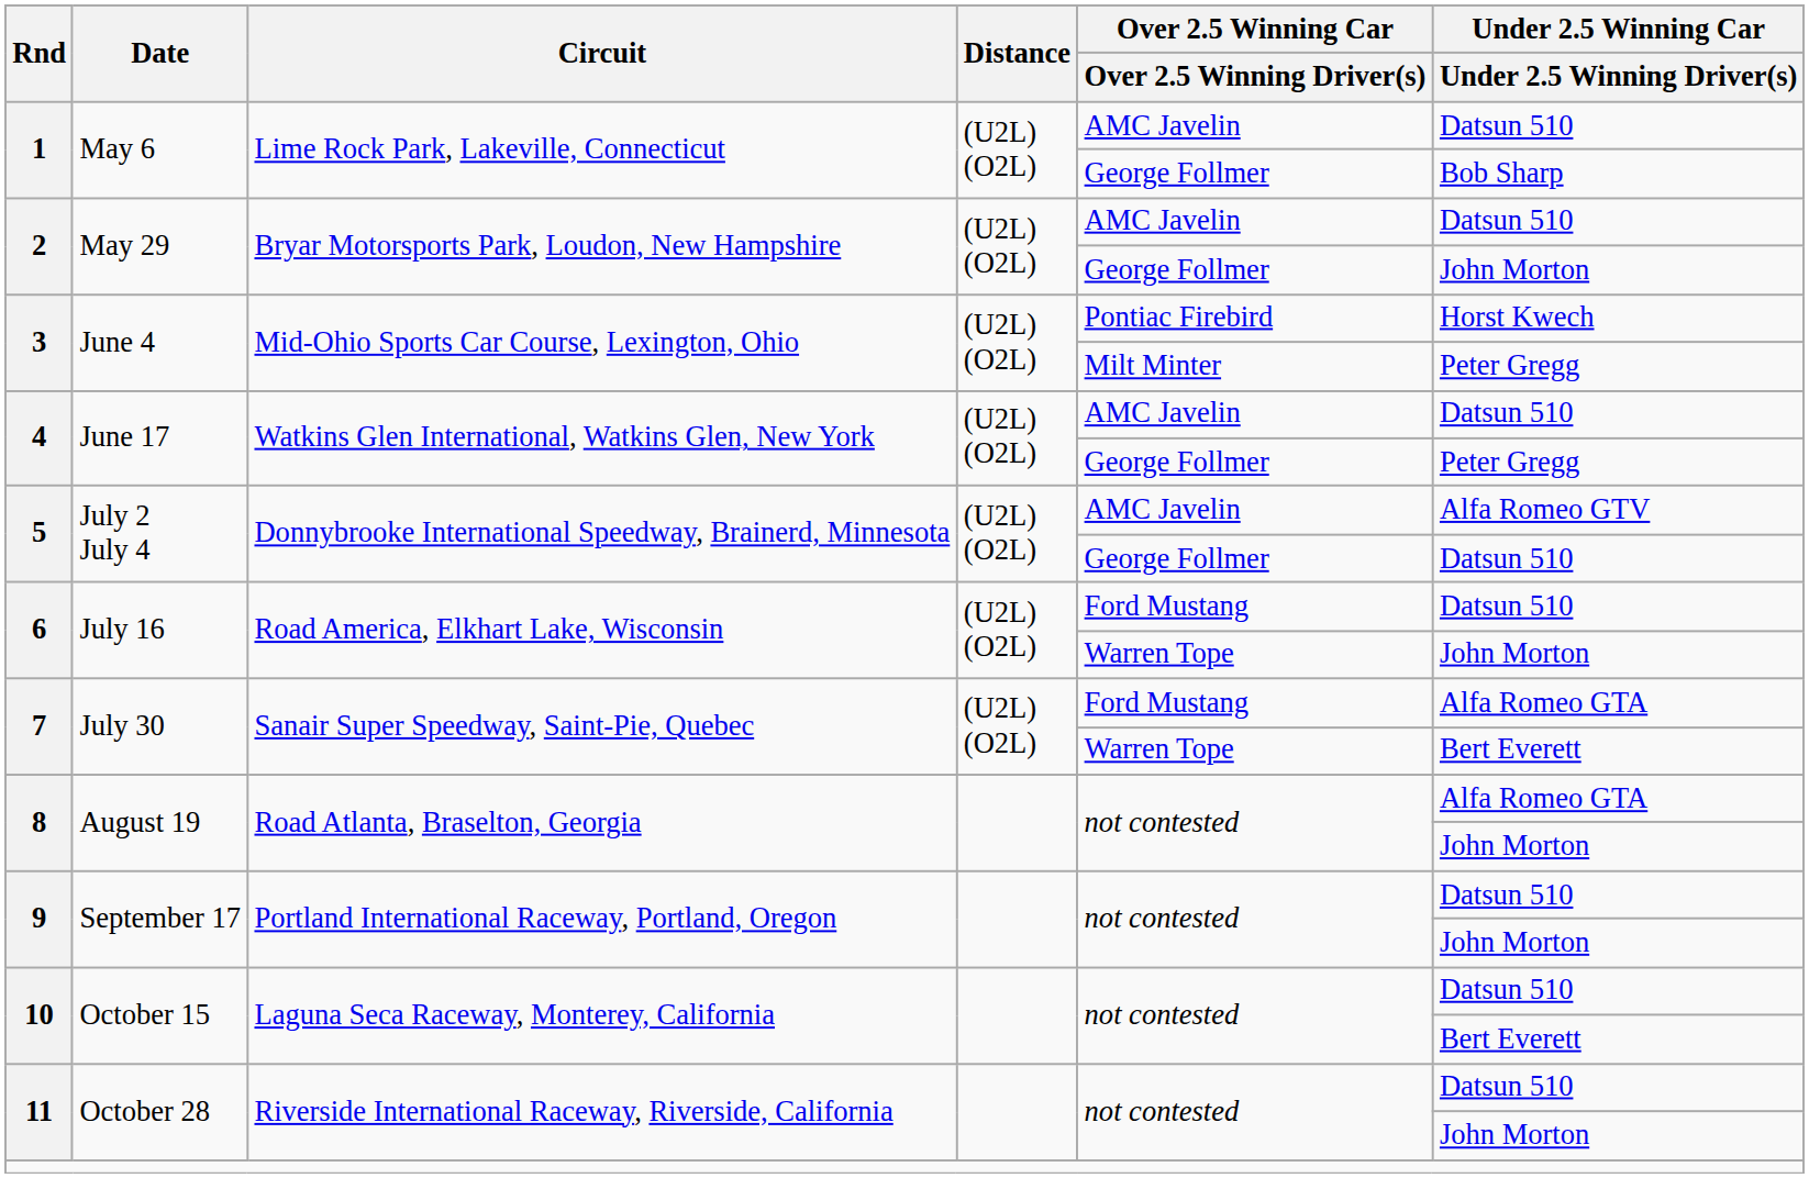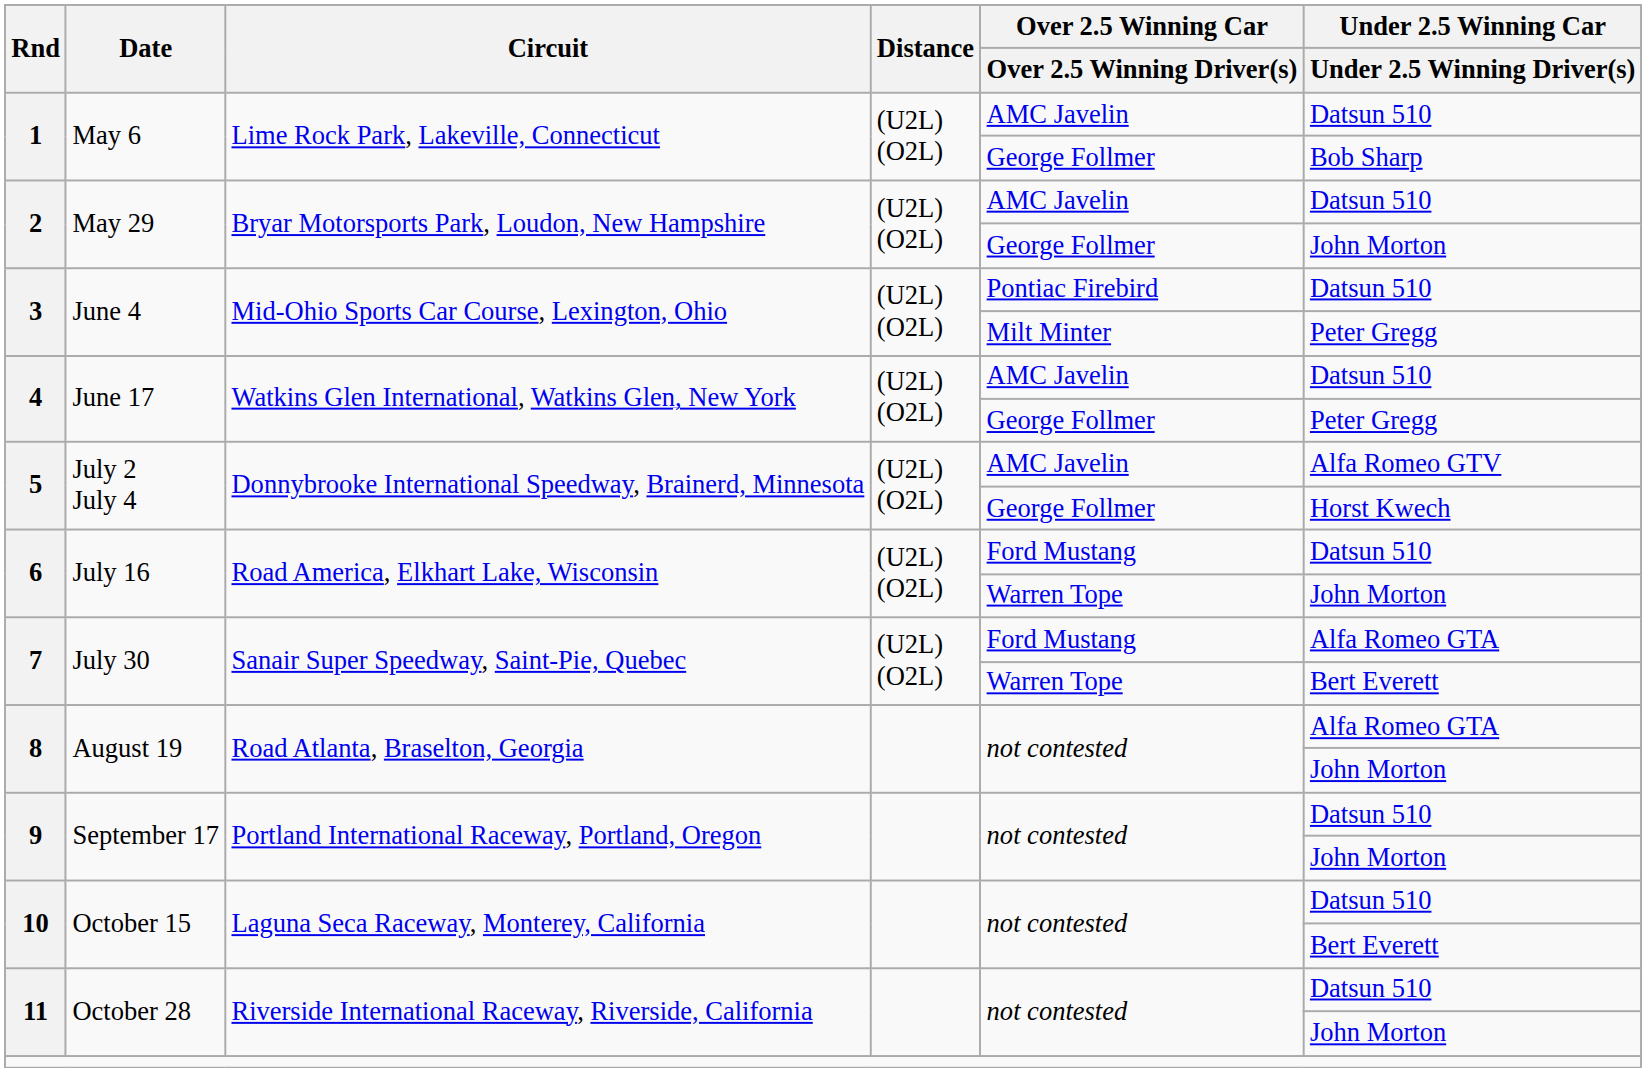 <table class="wikitable" style="font-size: 85%">
 <tr>
 <th rowspan=2>Rnd</th>
 <th rowspan=2>Date</th>
 <th rowspan=2>Circuit</th>
 <th rowspan=2>Distance</th>
 <th>Over 2.5 Winning Car</th>
 <th>Under 2.5 Winning Car</th>
 </tr>
 <tr>
 <th>Over 2.5 Winning Driver(s)</th>
 <th>Under 2.5 Winning Driver(s)</th>
 </tr>
 <tr>
 <th rowspan=2>1</th>
 <td rowspan=2>May 6</td>
 <td rowspan=2><a href='#'>Lime Rock Park</a>, <a href='#'>Lakeville, Connecticut</a></td>
 <td rowspan=2> (U2L)<br> (O2L)</td>
 <td><a href='#'>AMC Javelin</a></td>
 <td><a href='#'>Datsun 510</a></td>
 </tr>
 <tr>
 <td> <a href='#'>George Follmer</a></td>
 <td> <a href='#'>Bob Sharp</a></td>
 </tr>
 <tr>
 <th rowspan=2>2</th>
 <td rowspan=2>May 29</td>
 <td rowspan=2><a href='#'>Bryar Motorsports Park</a>, <a href='#'>Loudon, New Hampshire</a></td>
 <td rowspan=2> (U2L)<br> (O2L)</td>
 <td><a href='#'>AMC Javelin</a></td>
 <td><a href='#'>Datsun 510</a></td>
 </tr>
 <tr>
 <td> <a href='#'>George Follmer</a></td>
 <td> <a href='#'>John Morton</a></td>
 </tr>
 <tr>
 <th rowspan=2>3</th>
 <td rowspan=2>June 4</td>
 <td rowspan=2><a href='#'>Mid-Ohio Sports Car Course</a>, <a href='#'>Lexington, Ohio</a></td>
 <td rowspan=2> (U2L)<br> (O2L)</td>
 <td><a href='#'>Pontiac Firebird</a></td>
-<td> <a href='#'>Horst Kwech</a></td>
+<td><a href='#'>Datsun 510</a></td>
 </tr>
 <tr>
 <td> <a href='#'>Milt Minter</a></td>
 <td> <a href='#'>Peter Gregg</a></td>
 </tr>
 <tr>
 <th rowspan=2>4</th>
 <td rowspan=2>June 17</td>
 <td rowspan=2><a href='#'>Watkins Glen International</a>, <a href='#'>Watkins Glen, New York</a></td>
 <td rowspan=2> (U2L)<br> (O2L)</td>
 <td><a href='#'>AMC Javelin</a></td>
 <td><a href='#'>Datsun 510</a></td>
 </tr>
 <tr>
 <td> <a href='#'>George Follmer</a></td>
 <td> <a href='#'>Peter Gregg</a></td>
 </tr>
 <tr>
 <th rowspan=2>5</th>
 <td rowspan=2>July 2<br>July 4</td>
 <td rowspan=2><a href='#'>Donnybrooke International Speedway</a>, <a href='#'>Brainerd, Minnesota</a></td>
 <td rowspan=2> (U2L)<br> (O2L)</td>
 <td><a href='#'>AMC Javelin</a></td>
 <td><a href='#'>Alfa Romeo GTV</a></td>
 </tr>
 <tr>
 <td> <a href='#'>George Follmer</a></td>
-<td><a href='#'>Datsun 510</a></td>
+<td> <a href='#'>Horst Kwech</a></td>
 </tr>
 <tr>
 <th rowspan=2>6</th>
 <td rowspan=2>July 16</td>
 <td rowspan=2><a href='#'>Road America</a>, <a href='#'>Elkhart Lake, Wisconsin</a></td>
 <td rowspan=2> (U2L)<br> (O2L)</td>
 <td><a href='#'>Ford Mustang</a></td>
 <td><a href='#'>Datsun 510</a></td>
 </tr>
 <tr>
 <td> <a href='#'>Warren Tope</a></td>
 <td> <a href='#'>John Morton</a></td>
 </tr>
 <tr>
 <th rowspan=2>7</th>
 <td rowspan=2>July 30</td>
 <td rowspan=2><a href='#'>Sanair Super Speedway</a>, <a href='#'>Saint-Pie, Quebec</a></td>
 <td rowspan=2> (U2L)<br> (O2L)</td>
 <td><a href='#'>Ford Mustang</a></td>
 <td><a href='#'>Alfa Romeo GTA</a></td>
 </tr>
 <tr>
 <td> <a href='#'>Warren Tope</a></td>
 <td> <a href='#'>Bert Everett</a></td>
 </tr>
 <tr>
 <th rowspan=2>8</th>
 <td rowspan=2>August 19</td>
 <td rowspan=2><a href='#'>Road Atlanta</a>, <a href='#'>Braselton, Georgia</a></td>
 <td rowspan=2></td>
 <td rowspan=2><em>not contested</em></td>
 <td><a href='#'>Alfa Romeo GTA</a></td>
 </tr>
 <tr>
 <td> <a href='#'>John Morton</a></td>
 </tr>
 <tr>
 <th rowspan=2>9</th>
 <td rowspan=2>September 17</td>
 <td rowspan=2><a href='#'>Portland International Raceway</a>, <a href='#'>Portland, Oregon</a></td>
 <td rowspan=2></td>
 <td rowspan=2><em>not contested</em></td>
 <td><a href='#'>Datsun 510</a></td>
 </tr>
 <tr>
 <td> <a href='#'>John Morton</a></td>
 </tr>
 <tr>
 <th rowspan=2>10</th>
 <td rowspan=2>October 15</td>
 <td rowspan=2><a href='#'>Laguna Seca Raceway</a>, <a href='#'>Monterey, California</a></td>
 <td rowspan=2></td>
 <td rowspan=2><em>not contested</em></td>
 <td><a href='#'>Datsun 510</a></td>
 </tr>
 <tr>
 <td> <a href='#'>Bert Everett</a></td>
 </tr>
 <tr>
 <th rowspan=2>11</th>
 <td rowspan=2>October 28</td>
 <td rowspan=2><a href='#'>Riverside International Raceway</a>, <a href='#'>Riverside, California</a></td>
 <td rowspan=2></td>
 <td rowspan=2><em>not contested</em></td>
 <td><a href='#'>Datsun 510</a></td>
 </tr>
 <tr>
 <td> <a href='#'>John Morton</a></td>
 </tr>
 <tr>
 <td style="text-align:center;" colspan=6></td>
 </tr>
 </table>
